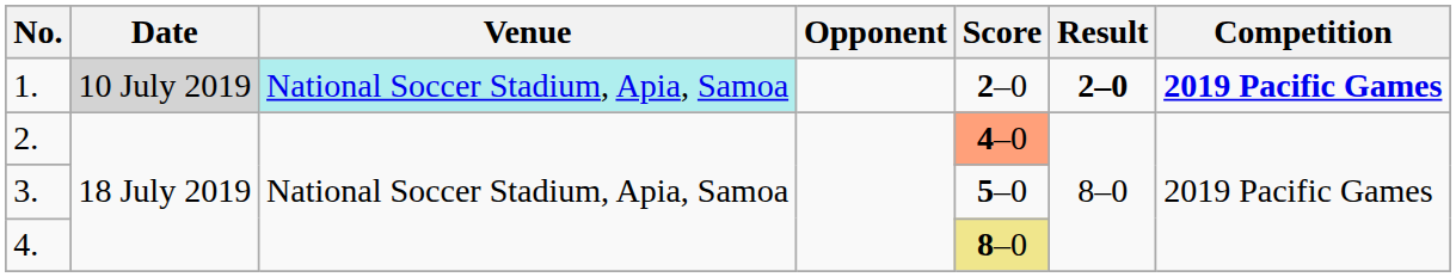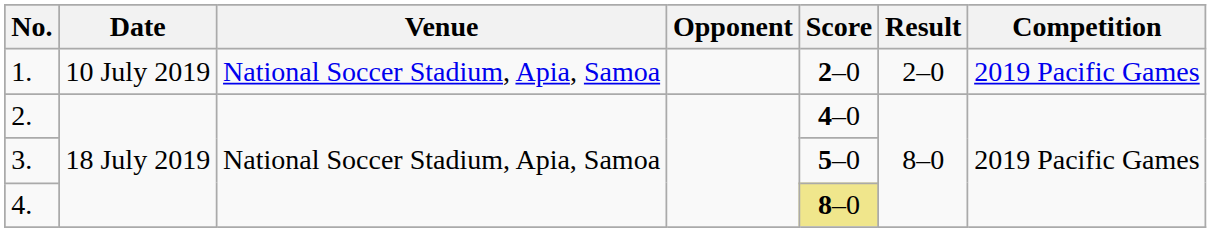 <table class="wikitable" style="font-size:100%;">
 <tr>
 <th>No.</th>
 <th>Date</th>
 <th>Venue</th>
 <th>Opponent</th>
 <th>Score</th>
 <th>Result</th>
 <th>Competition</th>
 </tr>
 <tr>
 <td>1.</td>
-<td style="background: lightgrey;">10 July 2019</td>
-<td style="background: paleturquoise;"><a href='#'>National Soccer Stadium</a>, <a href='#'>Apia</a>, <a href='#'>Samoa</a></td>
+<td>10 July 2019</td>
+<td><a href='#'>National Soccer Stadium</a>, <a href='#'>Apia</a>, <a href='#'>Samoa</a></td>
 <td></td>
 <td align=center><strong>2</strong>–0</td>
-<td align=center><strong>2–0</strong></td>
-<td><strong><a href='#'>2019 Pacific Games</a></strong></td>
+<td align=center>2–0</td>
+<td><a href='#'>2019 Pacific Games</a></td>
 </tr>
 <tr>
 <td>2.</td>
 <td rowspan="3">18 July 2019</td>
 <td rowspan="3">National Soccer Stadium, Apia, Samoa</td>
 <td rowspan="3"></td>
-<td align=center style="background: lightsalmon;"><strong>4</strong>–0</td>
+<td align=center><strong>4</strong>–0</td>
 <td rowspan="3" style="text-align:center">8–0</td>
 <td rowspan="3">2019 Pacific Games</td>
 </tr>
 <tr>
 <td>3.</td>
 <td align=center><strong>5</strong>–0</td>
 </tr>
 <tr>
 <td>4.</td>
 <td align=center style="background: khaki;"><strong>8</strong>–0</td>
 </tr>
 </table>
